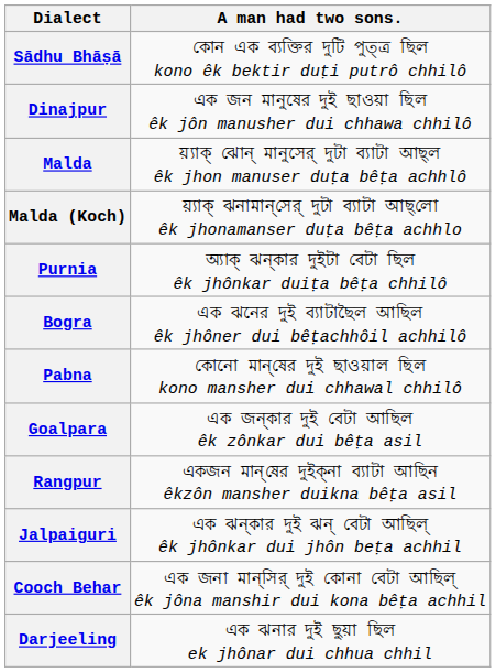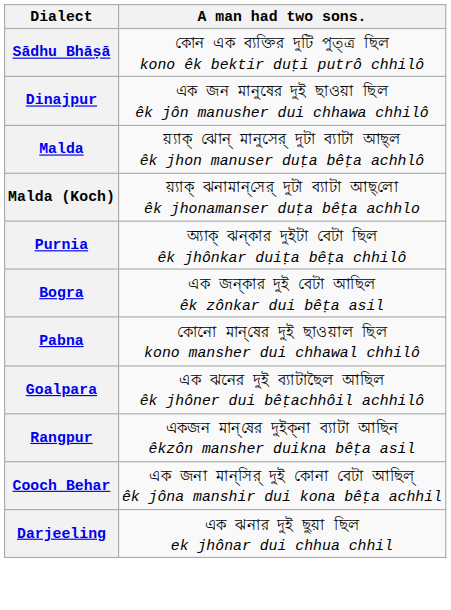 <table class="wikitable" style="text-align:center;">
 <tr>
 <th>Dialect</th>
 <th>A man had two sons.</th>
 </tr>
 <tr>
 <th><a href='#'>Sādhu Bhāṣā</a></th>
 <td>কোন এক ব্যক্তির দুটি পুত্ত্র ছিল<br><em>kono êk bektir duṭi putrô chhilô</em></td>
 </tr>
 <tr>
 <th><a href='#'>Dinajpur</a></th>
 <td>এক জন মানুষের দুই ছাওয়া ছিল<br><em>êk jôn manusher dui chhawa chhilô</em></td>
 </tr>
 <tr>
 <th><a href='#'>Malda</a></th>
 <td>য়্যাক্ ঝোন্ মানুসের্ দুটা ব্যাটা আছ্‌ল<br><em>êk jhon manuser duṭa bêṭa achhlô</em></td>
 </tr>
 <tr>
 <th>Malda (Koch)</th>
 <td>য়্যাক্ ঝনামান্‌সের্  দুটা ব্যাটা আছ্‌লো<br><em>êk jhonamanser duṭa bêṭa achhlo</em></td>
 </tr>
 <tr>
 <th><a href='#'>Purnia</a></th>
 <td>অ্যাক্ ঝন্‌কার দুইটা বেটা ছিল<br><em>êk jhônkar duiṭa bêṭa chhilô</em></td>
 </tr>
 <tr>
 <th><a href='#'>Bogra</a></th>
-<td>এক ঝনের দুই ব্যাটাছৈল আছিল<br><em>êk jhôner dui bêṭachhôil achhilô</em></td>
+<td>এক জন্‌কার দুই বেটা আছিল<br><em>êk zônkar dui bêṭa asil</em></td>
 </tr>
 <tr>
 <th><a href='#'>Pabna</a></th>
 <td>কোনো মান্‌ষের দুই ছাওয়াল ছিল<br><em>kono mansher dui chhawal chhilô</em></td>
 </tr>
 <tr>
 <th><a href='#'>Goalpara</a></th>
-<td>এক জন্‌কার দুই বেটা আছিল<br><em>êk zônkar dui bêṭa asil</em></td>
+<td>এক ঝনের দুই ব্যাটাছৈল আছিল<br><em>êk jhôner dui bêṭachhôil achhilô</em></td>
 </tr>
 <tr>
 <th><a href='#'>Rangpur</a></th>
 <td>একজন মান্‌ষের দুইক্‌না ব্যাটা আছিন<br><em>êkzôn mansher duikna bêṭa asil</em></td>
-</tr>
-<tr>
-<th><a href='#'>Jalpaiguri</a></th>
-<td>এক ঝন্‌কার দুই ঝন্ বেটা আছিল্<br><em>êk jhônkar dui jhôn beṭa achhil</em></td>
 </tr>
 <tr>
 <th><a href='#'>Cooch Behar</a></th>
 <td>এক জনা মান্‌সির্ দুই কোনা বেটা আছিল্<br><em>êk jôna manshir dui kona bêṭa achhil</em></td>
 </tr>
 <tr>
 <th><a href='#'>Darjeeling</a></th>
 <td>এক ঝনার দুই ছুয়া ছিল<br><em>ek jhônar dui chhua chhil</em></td>
 </tr>
 </table>
